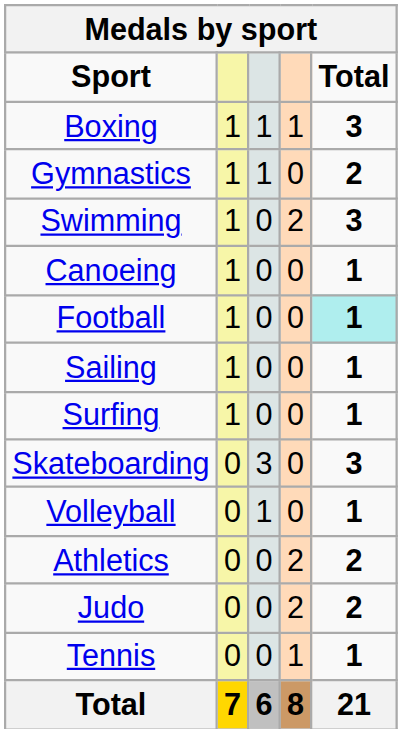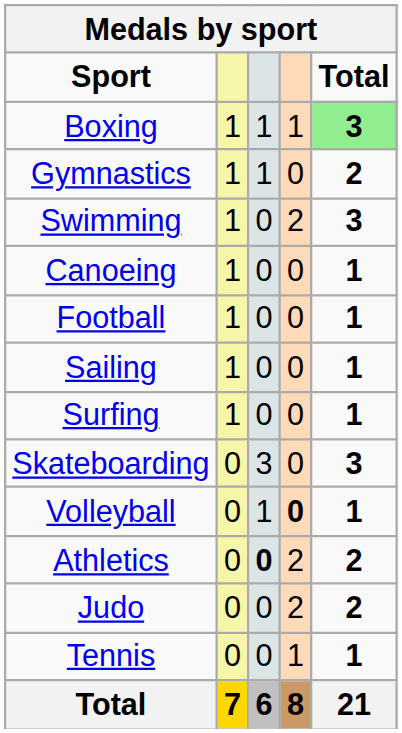 <table class="wikitable" style="font-size:85%">
 <tr style="background:#efefef;">
 <th colspan=7><strong>Medals by sport</strong></th>
 </tr>
 <tr align=center>
 <td><strong>Sport</strong></td>
 <td bgcolor=#f7f6a8></td>
 <td bgcolor=#dce5e5></td>
 <td bgcolor=#ffdab9></td>
 <td><strong>Total</strong></td>
 </tr>
 <tr align=center>
 <td><a href='#'>Boxing</a></td>
 <td style="background:#F7F6A8;">1</td>
 <td style="background:#DCE5E5;">1</td>
 <td style="background:#FFDAB9;">1</td>
-<td><strong>3</strong></td>
+<td style="background: lightgreen;"><strong>3</strong></td>
 </tr>
 <tr align=center>
 <td><a href='#'>Gymnastics</a></td>
 <td style="background:#F7F6A8;">1</td>
 <td style="background:#DCE5E5;">1</td>
 <td style="background:#FFDAB9;">0</td>
 <td><strong>2</strong></td>
 </tr>
 <tr align=center>
 <td><a href='#'>Swimming</a></td>
 <td style="background:#F7F6A8;">1</td>
 <td style="background:#DCE5E5;">0</td>
 <td style="background:#FFDAB9;">2</td>
 <td><strong>3</strong></td>
 </tr>
 <tr align=center>
 <td><a href='#'>Canoeing</a></td>
 <td style="background:#F7F6A8;">1</td>
 <td style="background:#DCE5E5;">0</td>
 <td style="background:#FFDAB9;">0</td>
 <td><strong>1</strong></td>
 </tr>
 <tr align=center>
 <td><a href='#'>Football</a></td>
 <td style="background:#F7F6A8;">1</td>
 <td style="background:#DCE5E5;">0</td>
 <td style="background:#FFDAB9;">0</td>
-<td style="background: paleturquoise;"><strong>1</strong></td>
+<td><strong>1</strong></td>
 </tr>
 <tr align=center>
 <td><a href='#'>Sailing</a></td>
 <td style="background:#F7F6A8;">1</td>
 <td style="background:#DCE5E5;">0</td>
 <td style="background:#FFDAB9;">0</td>
 <td><strong>1</strong></td>
 </tr>
 <tr align=center>
 <td><a href='#'>Surfing</a></td>
 <td style="background:#F7F6A8;">1</td>
 <td style="background:#DCE5E5;">0</td>
 <td style="background:#FFDAB9;">0</td>
 <td><strong>1</strong></td>
 </tr>
 <tr align=center>
 <td><a href='#'>Skateboarding</a></td>
 <td style="background:#F7F6A8;">0</td>
 <td style="background:#DCE5E5;">3</td>
 <td style="background:#FFDAB9;">0</td>
 <td><strong>3</strong></td>
 </tr>
 <tr align=center>
 <td><a href='#'>Volleyball</a></td>
 <td style="background:#F7F6A8;">0</td>
 <td style="background:#DCE5E5;">1</td>
-<td style="background:#FFDAB9;">0</td>
+<td style="background:#FFDAB9;"><strong>0</strong></td>
 <td><strong>1</strong></td>
 </tr>
 <tr align=center>
 <td><a href='#'>Athletics</a></td>
 <td style="background:#F7F6A8;">0</td>
-<td style="background:#DCE5E5;">0</td>
+<td style="background:#DCE5E5;"><strong>0</strong></td>
 <td style="background:#FFDAB9;">2</td>
 <td><strong>2</strong></td>
 </tr>
 <tr align=center>
 <td><a href='#'>Judo</a></td>
 <td style="background:#F7F6A8;">0</td>
 <td style="background:#DCE5E5;">0</td>
 <td style="background:#FFDAB9;">2</td>
 <td><strong>2</strong></td>
 </tr>
 <tr align=center>
 <td><a href='#'>Tennis</a></td>
 <td style="background:#F7F6A8;">0</td>
 <td style="background:#DCE5E5;">0</td>
 <td style="background:#FFDAB9;">1</td>
 <td><strong>1</strong></td>
 </tr>
 <tr align=center>
 <th><strong>Total</strong></th>
 <th style="background:gold;"><strong>7</strong></th>
 <th style="background:silver;"><strong>6</strong></th>
 <th style="background:#c96;"><strong>8</strong></th>
 <th><strong>21</strong></th>
 </tr>
 </table>
